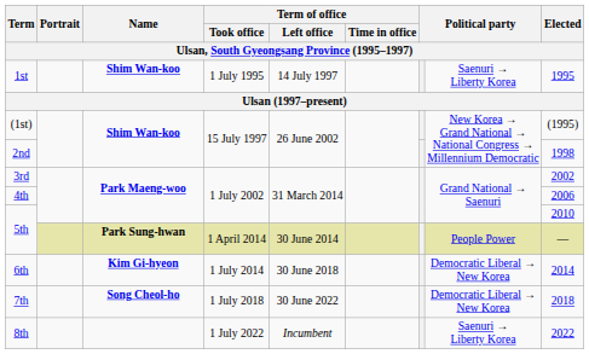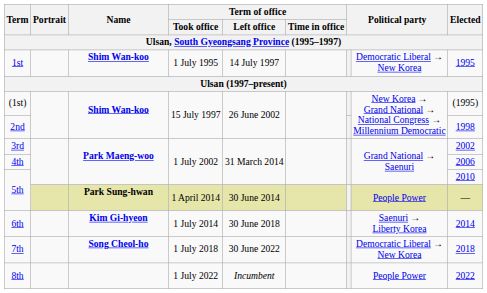 <table class="wikitable" style="text-align:center">
 <tr>
 <th rowspan="2">Term</th>
 <th rowspan="2">Portrait</th>
 <th rowspan="2" width="160">Name<br></th>
 <th colspan="3">Term of office</th>
 <th colspan="2" rowspan="2">Political party</th>
 <th rowspan="2">Elected</th>
 </tr>
 <tr>
 <th>Took office</th>
 <th>Left office</th>
 <th>Time in office</th>
 </tr>
 <tr>
 <th colspan="9">Ulsan, <a href='#'>South Gyeongsang Province</a> (1995–1997)</th>
 </tr>
 <tr>
 <td><a href='#'>1st</a></td>
 <td></td>
 <td><strong><a href='#'>Shim Wan-koo</a></strong><br><br></td>
 <td>1 July 1995</td>
 <td>14 July 1997</td>
 <td></td>
 <th style="background:"></th>
-<td><a href='#'>Saenuri</a> →<br><a href='#'>Liberty Korea</a></td>
+<td><a href='#'>Democratic Liberal</a> →<br><a href='#'>New Korea</a></td>
 <td><a href='#'>1995</a></td>
 </tr>
 <tr>
 <th colspan="9">Ulsan (1997–present)</th>
 </tr>
 <tr>
 <td>(1st)</td>
 <td rowspan="2"></td>
 <td rowspan="2"><strong><a href='#'>Shim Wan-koo</a></strong><br><br></td>
 <td rowspan="2">15 July 1997</td>
 <td rowspan="2">26 June 2002</td>
 <td rowspan="2"></td>
 <th style="background:"></th>
 <td rowspan="2"><a href='#'>New Korea</a> →<br><a href='#'>Grand National</a> →<br><a href='#'>National Congress</a> →<br><a href='#'>Millennium Democratic</a></td>
 <td>(1995)</td>
 </tr>
 <tr>
 <td><a href='#'>2nd</a></td>
 <th style="background:"></th>
 <td><a href='#'>1998</a></td>
 </tr>
 <tr>
 <td><a href='#'>3rd</a></td>
 <td rowspan="3"></td>
 <td rowspan="3"><strong><a href='#'>Park Maeng-woo</a></strong><br><br></td>
 <td rowspan="3">1 July 2002</td>
 <td rowspan="3">31 March 2014</td>
 <td rowspan="3"></td>
 <th rowspan="3" style="background:"></th>
 <td rowspan="3"><a href='#'>Grand National</a> →<br><a href='#'>Saenuri</a></td>
 <td><a href='#'>2002</a></td>
 </tr>
 <tr>
 <td><a href='#'>4th</a></td>
 <td><a href='#'>2006</a></td>
 </tr>
 <tr>
 <td rowspan="2"><a href='#'>5th</a></td>
 <td><a href='#'>2010</a></td>
 </tr>
 <tr style="background:#E6E6AA;">
 <td></td>
 <td><strong>Park Sung-hwan</strong><br><br></td>
 <td>1 April 2014</td>
 <td>30 June 2014</td>
 <td></td>
 <th style="background:"></th>
 <td><a href='#'>People Power</a></td>
 <td>—</td>
 </tr>
 <tr>
 <td><a href='#'>6th</a></td>
 <td></td>
 <td><strong><a href='#'>Kim Gi-hyeon</a></strong><br><br></td>
 <td>1 July 2014</td>
 <td>30 June 2018</td>
 <td></td>
 <th style="background:"></th>
-<td><a href='#'>Democratic Liberal</a> →<br><a href='#'>New Korea</a></td>
+<td><a href='#'>Saenuri</a> →<br><a href='#'>Liberty Korea</a></td>
 <td><a href='#'>2014</a></td>
 </tr>
 <tr>
 <td><a href='#'>7th</a></td>
 <td></td>
 <td><strong><a href='#'>Song Cheol-ho</a></strong><br><br></td>
 <td>1 July 2018</td>
 <td>30 June 2022</td>
 <td></td>
 <th style="background:"></th>
 <td><a href='#'>Democratic Liberal</a> →<br><a href='#'>New Korea</a></td>
 <td><a href='#'>2018</a></td>
 </tr>
 <tr>
 <td><a href='#'>8th</a></td>
 <td></td>
 <td><strong></strong><br><br></td>
 <td>1 July 2022</td>
 <td><em>Incumbent</em></td>
 <td></td>
 <th style="background:"></th>
-<td><a href='#'>Saenuri</a> →<br><a href='#'>Liberty Korea</a></td>
+<td><a href='#'>People Power</a></td>
 <td><a href='#'>2022</a></td>
 </tr>
 </table>
